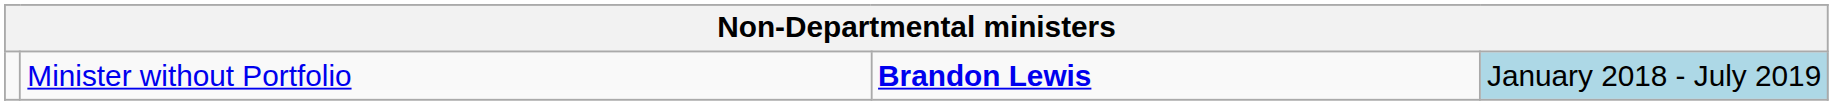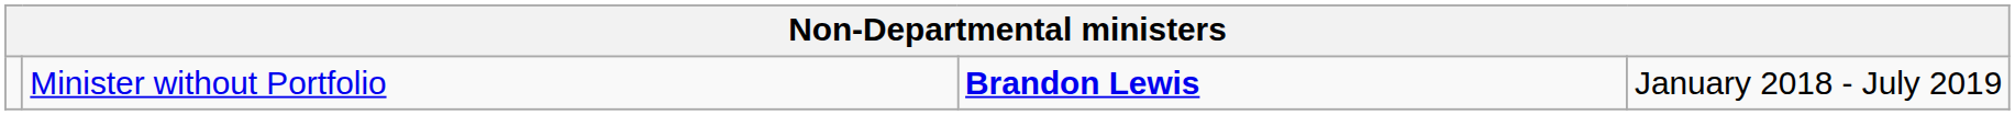 <table class="wikitable">
 <tr>
 <th colspan="5">Non-Departmental ministers</th>
 </tr>
 <tr>
 <td style="width: 1px; background: "></td>
 <td style="width: 450px;"><a href='#'>Minister without Portfolio</a></td>
 <td style="width: 320px;"><strong><a href='#'>Brandon Lewis</a></strong><br></td>
-<td style="background: lightblue;">January 2018 - July 2019</td>
+<td>January 2018 - July 2019</td>
 </tr>
 </table>
